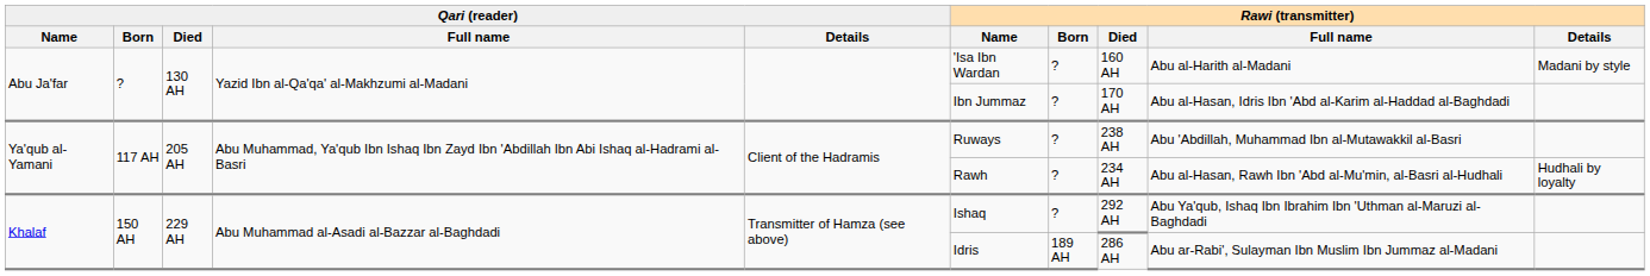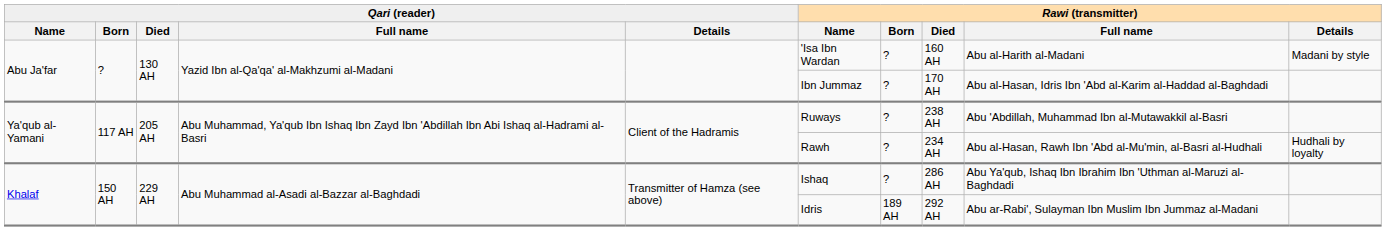 <table class="wikitable">
 <tr>
 <th colspan="5" Style="background:#efefef;"><em>Qari</em> (reader)</th>
 <th colspan="5" style="background:#ffdead;"><em>Rawi</em> (transmitter)</th>
 </tr>
 <tr>
 <th>Name</th>
 <th>Born</th>
 <th>Died</th>
 <th>Full name</th>
 <th>Details</th>
 <th>Name</th>
 <th>Born</th>
 <th>Died</th>
 <th>Full name</th>
 <th>Details</th>
 </tr>
 <tr>
 <td rowspan=2 style="border-bottom:3px solid grey;">Abu Ja'far</td>
 <td rowspan=2 style="border-bottom:3px solid grey;">?</td>
 <td rowspan=2 style="border-bottom:3px solid grey;">130 AH</td>
 <td rowspan=2 style="border-bottom:3px solid grey;">Yazid Ibn al-Qa'qa' al-Makhzumi al-Madani</td>
 <td rowspan=2 style="border-bottom:3px solid grey;"></td>
 <td>'Isa Ibn Wardan</td>
 <td>?</td>
 <td>160 AH</td>
 <td>Abu al-Harith al-Madani</td>
 <td>Madani by style</td>
 </tr>
 <tr>
 <td style="border-bottom:3px solid grey;">Ibn Jummaz</td>
 <td style="border-bottom:3px solid grey;">?</td>
 <td style="border-bottom:3px solid grey;">170 AH</td>
 <td style="border-bottom:3px solid grey;">Abu al-Hasan, Idris Ibn 'Abd al-Karim al-Haddad al-Baghdadi</td>
 <td style="border-bottom:3px solid grey;"></td>
 </tr>
 <tr>
 <td rowspan=2 style="border-bottom:3px solid grey;">Ya'qub al-Yamani</td>
 <td rowspan=2 style="border-bottom:3px solid grey;">117 AH</td>
 <td rowspan=2 style="border-bottom:3px solid grey;">205 AH</td>
 <td rowspan=2 style="border-bottom:3px solid grey;">Abu Muhammad, Ya'qub Ibn Ishaq Ibn Zayd Ibn 'Abdillah Ibn Abi Ishaq al-Hadrami al-Basri</td>
 <td rowspan=2 style="border-bottom:3px solid grey;">Client of the Hadramis</td>
 <td>Ruways</td>
 <td>?</td>
 <td>238 AH</td>
 <td>Abu 'Abdillah, Muhammad Ibn al-Mutawakkil al-Basri</td>
 <td></td>
 </tr>
 <tr>
 <td style="border-bottom:3px solid grey;">Rawh</td>
 <td style="border-bottom:3px solid grey;">?</td>
 <td style="border-bottom:3px solid grey;">234 AH</td>
 <td style="border-bottom:3px solid grey;">Abu al-Hasan, Rawh Ibn 'Abd al-Mu'min, al-Basri al-Hudhali</td>
 <td style="border-bottom:3px solid grey;">Hudhali by loyalty</td>
 </tr>
 <tr>
 <td rowspan=2 style="border-bottom:3px solid grey;"><a href='#'>Khalaf</a></td>
 <td rowspan=2 style="border-bottom:3px solid grey;">150 AH</td>
 <td rowspan=2 style="border-bottom:3px solid grey;">229 AH</td>
 <td rowspan=2 style="border-bottom:3px solid grey;">Abu Muhammad al-Asadi al-Bazzar al-Baghdadi</td>
 <td rowspan=2 style="border-bottom:3px solid grey;">Transmitter of Hamza (see above)</td>
 <td>Ishaq</td>
 <td>?</td>
-<td style="border-bottom:3px solid grey;">292 AH</td>
+<td>286 AH</td>
 <td>Abu Ya'qub, Ishaq Ibn Ibrahim Ibn 'Uthman al-Maruzi al-Baghdadi</td>
 <td></td>
 </tr>
 <tr>
 <td style="border-bottom:3px solid grey;">Idris</td>
 <td style="border-bottom:3px solid grey;">189 AH</td>
-<td>286 AH</td>
+<td style="border-bottom:3px solid grey;">292 AH</td>
 <td style="border-bottom:3px solid grey;">Abu ar-Rabi', Sulayman Ibn Muslim Ibn Jummaz al-Madani</td>
 <td style="border-bottom:3px solid grey;"></td>
 </tr>
 </table>
